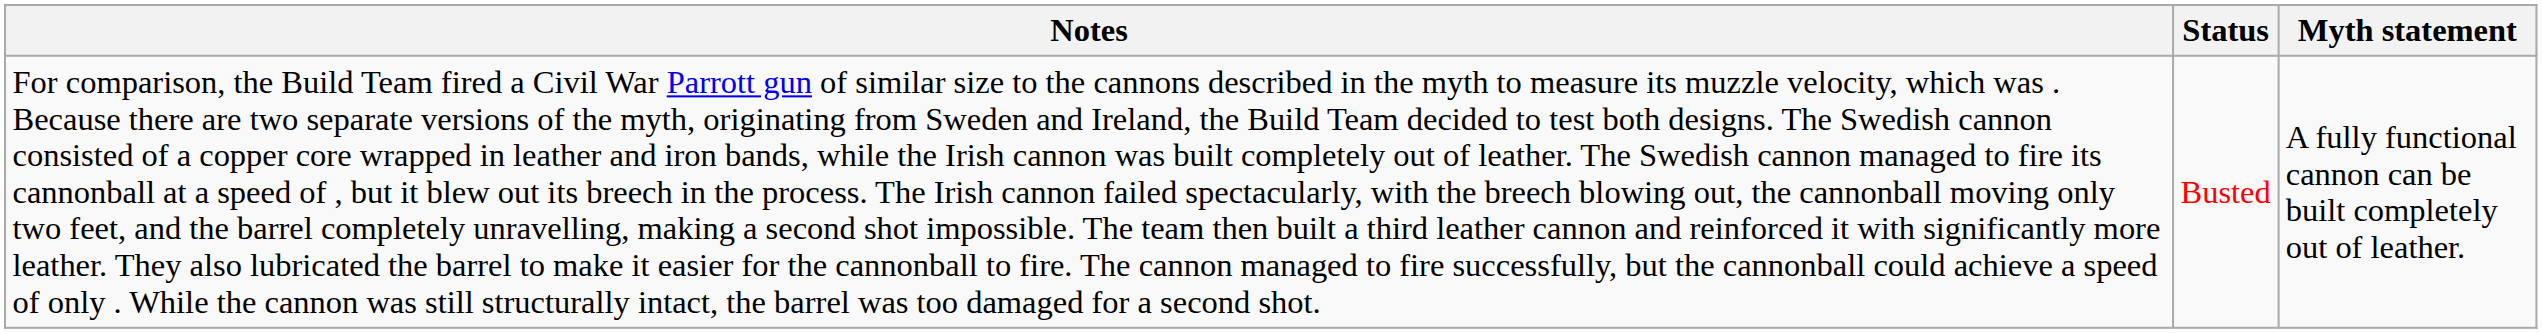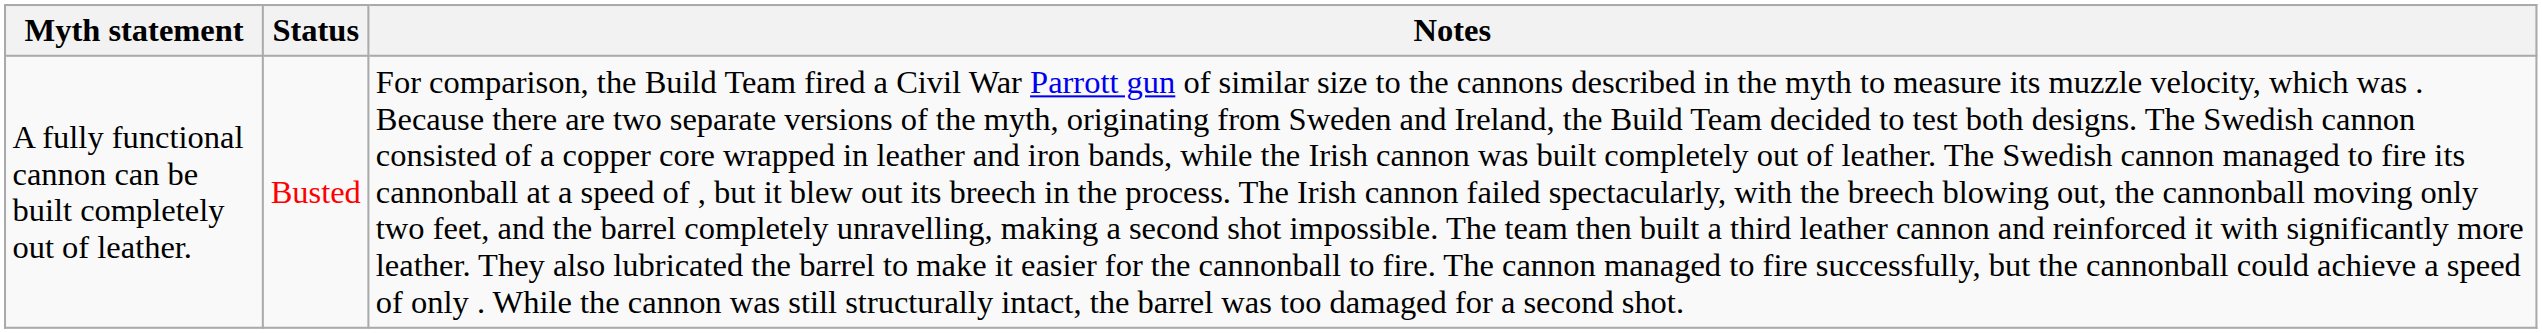 <table class="wikitable plainrowheaders">
 <tr>
+<th>Myth statement</th>
+<th>Status</th>
 <th>Notes</th>
-<th>Status</th>
-<th>Myth statement</th>
 </tr>
 <tr>
+<td>A fully functional cannon can be built completely out of leather.</td>
+<td style="color:red">Busted</td>
 <td>For comparison, the Build Team fired a Civil War <a href='#'>Parrott gun</a> of similar size to the cannons described in the myth to measure its muzzle velocity, which was . Because there are two separate versions of the myth, originating from Sweden and Ireland, the Build Team decided to test both designs. The Swedish cannon consisted of a copper core wrapped in leather and iron bands, while the Irish cannon was built completely out of leather. The Swedish cannon managed to fire its cannonball at a speed of , but it blew out its breech in the process. The Irish cannon failed spectacularly, with the breech blowing out, the cannonball moving only two feet, and the barrel completely unravelling, making a second shot impossible. The team then built a third leather cannon and reinforced it with significantly more leather. They also lubricated the barrel to make it easier for the cannonball to fire. The cannon managed to fire successfully, but the cannonball could achieve a speed of only . While the cannon was still structurally intact, the barrel was too damaged for a second shot.</td>
-<td style="color:red">Busted</td>
-<td>A fully functional cannon can be built completely out of leather.</td>
 </tr>
 </table>
